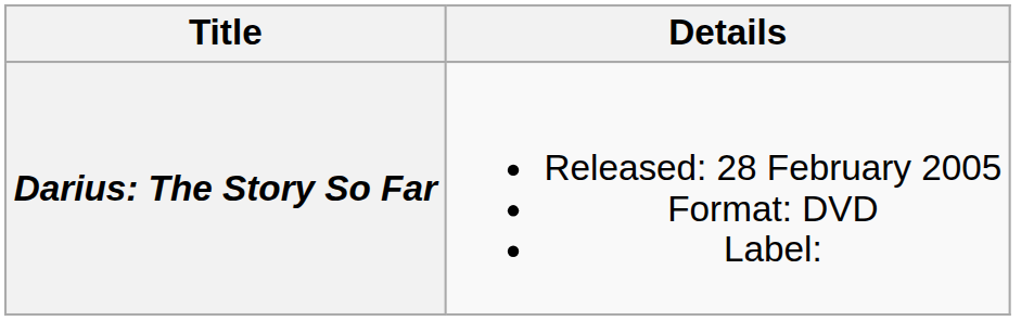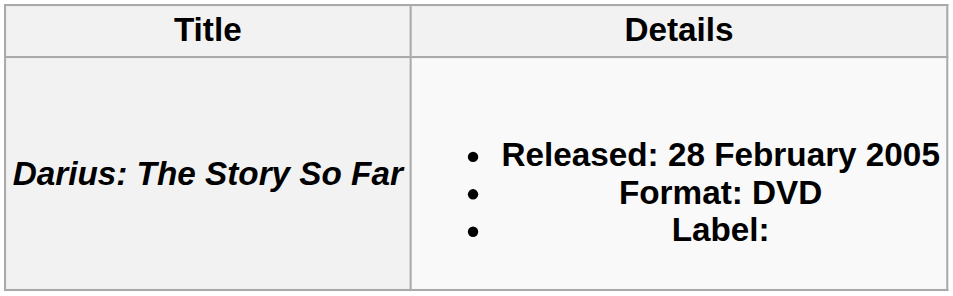 <table class="wikitable plainrowheaders" style="text-align:center;" border="1">
 <tr>
 <th>Title</th>
 <th>Details</th>
 </tr>
 <tr>
 <th scope="row"><em>Darius: The Story So Far</em></th>
-<td><br><ul><li>Released: 28 February 2005</li><li>Format: DVD</li><li>Label:</li></ul></td>
+<td><strong><br><ul><li>Released: 28 February 2005</li><li>Format: DVD</li><li>Label:</li></ul></strong></td>
 </tr>
 </table>
